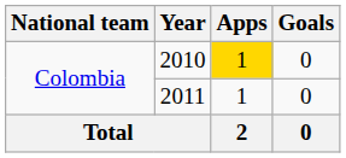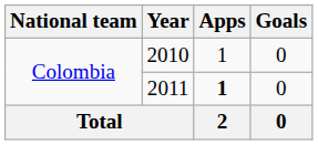 <table class="wikitable" style="text-align: center;">
 <tr>
 <th>National team</th>
 <th>Year</th>
 <th>Apps</th>
 <th>Goals</th>
 </tr>
 <tr>
 <td rowspan="2"><a href='#'>Colombia</a></td>
 <td>2010</td>
-<td style="background: gold;">1</td>
+<td>1</td>
 <td>0</td>
 </tr>
 <tr>
 <td>2011</td>
-<td>1</td>
+<td><strong>1</strong></td>
 <td>0</td>
 </tr>
 <tr>
 <th colspan="2">Total</th>
 <th>2</th>
 <th>0</th>
 </tr>
 </table>
